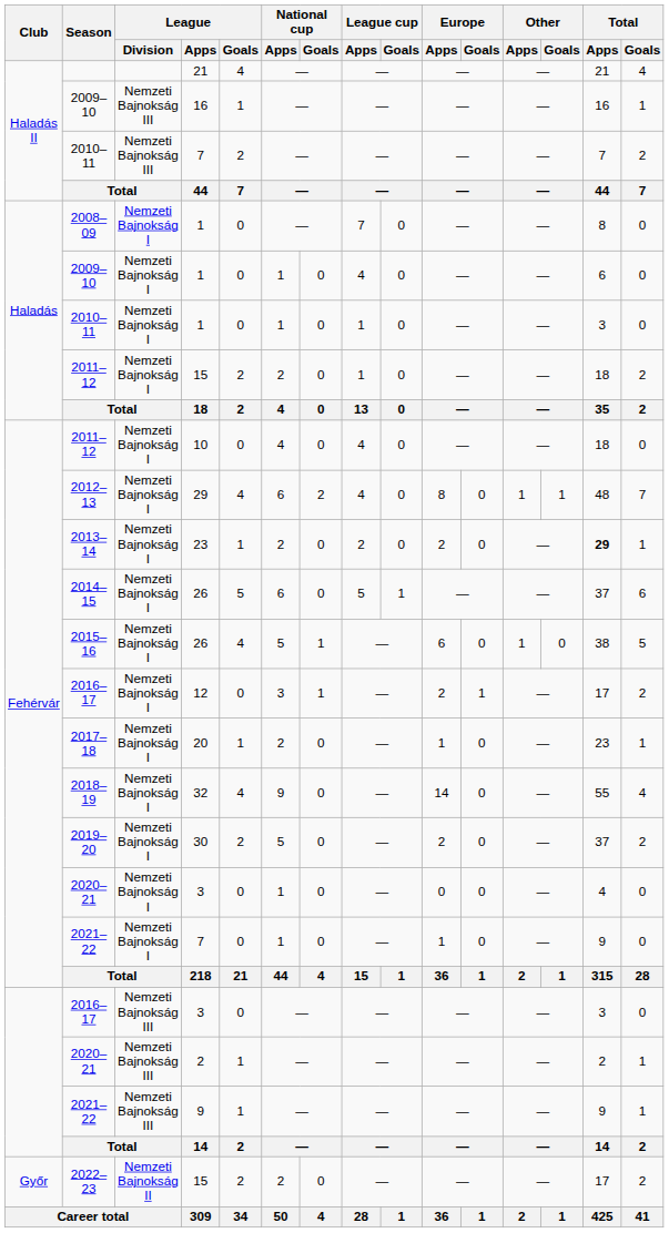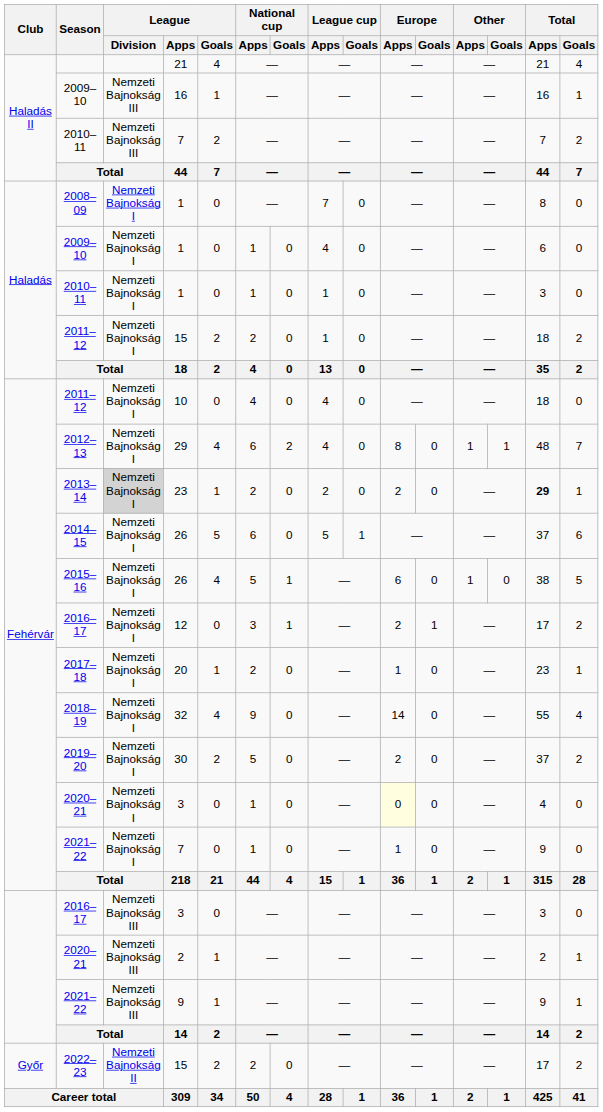 <table class="wikitable" style="text-align: center;">
 <tr>
 <th rowspan="2">Club</th>
 <th rowspan="2">Season</th>
 <th colspan="3">League</th>
 <th colspan="2">National cup</th>
 <th colspan="2">League cup</th>
 <th colspan="2">Europe</th>
 <th colspan="2">Other</th>
 <th colspan="2">Total</th>
 </tr>
 <tr>
 <th>Division</th>
 <th>Apps</th>
 <th>Goals</th>
 <th>Apps</th>
 <th>Goals</th>
 <th>Apps</th>
 <th>Goals</th>
 <th>Apps</th>
 <th>Goals</th>
 <th>Apps</th>
 <th>Goals</th>
 <th>Apps</th>
 <th>Goals</th>
 </tr>
 <tr>
 <td rowspan="4"><a href='#'>Haladás II</a></td>
 <td></td>
 <td></td>
 <td>21</td>
 <td>4</td>
 <td colspan="2">—</td>
 <td colspan="2">—</td>
 <td colspan="2">—</td>
 <td colspan="2">—</td>
 <td>21</td>
 <td>4</td>
 </tr>
 <tr>
 <td>2009–10</td>
 <td>Nemzeti Bajnokság III</td>
 <td>16</td>
 <td>1</td>
 <td colspan="2">—</td>
 <td colspan="2">—</td>
 <td colspan="2">—</td>
 <td colspan="2">—</td>
 <td>16</td>
 <td>1</td>
 </tr>
 <tr>
 <td>2010–11</td>
 <td>Nemzeti Bajnokság III</td>
 <td>7</td>
 <td>2</td>
 <td colspan="2">—</td>
 <td colspan="2">—</td>
 <td colspan="2">—</td>
 <td colspan="2">—</td>
 <td>7</td>
 <td>2</td>
 </tr>
 <tr>
 <th colspan="2">Total</th>
 <th>44</th>
 <th>7</th>
 <th colspan="2">—</th>
 <th colspan="2">—</th>
 <th colspan="2">—</th>
 <th colspan="2">—</th>
 <th>44</th>
 <th>7</th>
 </tr>
 <tr>
 <td rowspan="5"><a href='#'>Haladás</a></td>
 <td><a href='#'>2008–09</a></td>
 <td><a href='#'>Nemzeti Bajnokság I</a></td>
 <td>1</td>
 <td>0</td>
 <td colspan="2">—</td>
 <td>7</td>
 <td>0</td>
 <td colspan="2">—</td>
 <td colspan="2">—</td>
 <td>8</td>
 <td>0</td>
 </tr>
 <tr>
 <td><a href='#'>2009–10</a></td>
 <td>Nemzeti Bajnokság I</td>
 <td>1</td>
 <td>0</td>
 <td>1</td>
 <td>0</td>
 <td>4</td>
 <td>0</td>
 <td colspan="2">—</td>
 <td colspan="2">—</td>
 <td>6</td>
 <td>0</td>
 </tr>
 <tr>
 <td><a href='#'>2010–11</a></td>
 <td>Nemzeti Bajnokság I</td>
 <td>1</td>
 <td>0</td>
 <td>1</td>
 <td>0</td>
 <td>1</td>
 <td>0</td>
 <td colspan="2">—</td>
 <td colspan="2">—</td>
 <td>3</td>
 <td>0</td>
 </tr>
 <tr>
 <td><a href='#'>2011–12</a></td>
 <td>Nemzeti Bajnokság I</td>
 <td>15</td>
 <td>2</td>
 <td>2</td>
 <td>0</td>
 <td>1</td>
 <td>0</td>
 <td colspan="2">—</td>
 <td colspan="2">—</td>
 <td>18</td>
 <td>2</td>
 </tr>
 <tr>
 <th colspan="2">Total</th>
 <th>18</th>
 <th>2</th>
 <th>4</th>
 <th>0</th>
 <th>13</th>
 <th>0</th>
 <th colspan="2">—</th>
 <th colspan="2">—</th>
 <th>35</th>
 <th>2</th>
 </tr>
 <tr>
 <td rowspan="12"><a href='#'>Fehérvár</a></td>
 <td><a href='#'>2011–12</a></td>
 <td>Nemzeti Bajnokság I</td>
 <td>10</td>
 <td>0</td>
 <td>4</td>
 <td>0</td>
 <td>4</td>
 <td>0</td>
 <td colspan="2">—</td>
 <td colspan="2">—</td>
 <td>18</td>
 <td>0</td>
 </tr>
 <tr>
 <td><a href='#'>2012–13</a></td>
 <td>Nemzeti Bajnokság I</td>
 <td>29</td>
 <td>4</td>
 <td>6</td>
 <td>2</td>
 <td>4</td>
 <td>0</td>
 <td>8</td>
 <td>0</td>
 <td>1</td>
 <td>1</td>
 <td>48</td>
 <td>7</td>
 </tr>
 <tr>
 <td><a href='#'>2013–14</a></td>
-<td>Nemzeti Bajnokság I</td>
+<td style="background: lightgrey;">Nemzeti Bajnokság I</td>
 <td>23</td>
 <td>1</td>
 <td>2</td>
 <td>0</td>
 <td>2</td>
 <td>0</td>
 <td>2</td>
 <td>0</td>
 <td colspan="2">—</td>
 <td><strong>29</strong></td>
 <td>1</td>
 </tr>
 <tr>
 <td><a href='#'>2014–15</a></td>
 <td>Nemzeti Bajnokság I</td>
 <td>26</td>
 <td>5</td>
 <td>6</td>
 <td>0</td>
 <td>5</td>
 <td>1</td>
 <td colspan="2">—</td>
 <td colspan="2">—</td>
 <td>37</td>
 <td>6</td>
 </tr>
 <tr>
 <td><a href='#'>2015–16</a></td>
 <td>Nemzeti Bajnokság I</td>
 <td>26</td>
 <td>4</td>
 <td>5</td>
 <td>1</td>
 <td colspan="2">—</td>
 <td>6</td>
 <td>0</td>
 <td>1</td>
 <td>0</td>
 <td>38</td>
 <td>5</td>
 </tr>
 <tr>
 <td><a href='#'>2016–17</a></td>
 <td>Nemzeti Bajnokság I</td>
 <td>12</td>
 <td>0</td>
 <td>3</td>
 <td>1</td>
 <td colspan="2">—</td>
 <td>2</td>
 <td>1</td>
 <td colspan="2">—</td>
 <td>17</td>
 <td>2</td>
 </tr>
 <tr>
 <td><a href='#'>2017–18</a></td>
 <td>Nemzeti Bajnokság I</td>
 <td>20</td>
 <td>1</td>
 <td>2</td>
 <td>0</td>
 <td colspan="2">—</td>
 <td>1</td>
 <td>0</td>
 <td colspan="2">—</td>
 <td>23</td>
 <td>1</td>
 </tr>
 <tr>
 <td><a href='#'>2018–19</a></td>
 <td>Nemzeti Bajnokság I</td>
 <td>32</td>
 <td>4</td>
 <td>9</td>
 <td>0</td>
 <td colspan="2">—</td>
 <td>14</td>
 <td>0</td>
 <td colspan="2">—</td>
 <td>55</td>
 <td>4</td>
 </tr>
 <tr>
 <td><a href='#'>2019–20</a></td>
 <td>Nemzeti Bajnokság I</td>
 <td>30</td>
 <td>2</td>
 <td>5</td>
 <td>0</td>
 <td colspan="2">—</td>
 <td>2</td>
 <td>0</td>
 <td colspan="2">—</td>
 <td>37</td>
 <td>2</td>
 </tr>
 <tr>
 <td><a href='#'>2020–21</a></td>
 <td>Nemzeti Bajnokság I</td>
 <td>3</td>
 <td>0</td>
 <td>1</td>
 <td>0</td>
 <td colspan="2">—</td>
-<td>0</td>
+<td style="background: lightyellow;">0</td>
 <td>0</td>
 <td colspan="2">—</td>
 <td>4</td>
 <td>0</td>
 </tr>
 <tr>
 <td><a href='#'>2021–22</a></td>
 <td>Nemzeti Bajnokság I</td>
 <td>7</td>
 <td>0</td>
 <td>1</td>
 <td>0</td>
 <td colspan="2">—</td>
 <td>1</td>
 <td>0</td>
 <td colspan="2">—</td>
 <td>9</td>
 <td>0</td>
 </tr>
 <tr>
 <th colspan="2">Total</th>
 <th>218</th>
 <th>21</th>
 <th>44</th>
 <th>4</th>
 <th>15</th>
 <th>1</th>
 <th>36</th>
 <th>1</th>
 <th>2</th>
 <th>1</th>
 <th>315</th>
 <th>28</th>
 </tr>
 <tr>
 <td rowspan="4"></td>
 <td><a href='#'>2016–17</a></td>
 <td>Nemzeti Bajnokság III</td>
 <td>3</td>
 <td>0</td>
 <td colspan="2">—</td>
 <td colspan="2">—</td>
 <td colspan="2">—</td>
 <td colspan="2">—</td>
 <td>3</td>
 <td>0</td>
 </tr>
 <tr>
 <td><a href='#'>2020–21</a></td>
 <td>Nemzeti Bajnokság III</td>
 <td>2</td>
 <td>1</td>
 <td colspan="2">—</td>
 <td colspan="2">—</td>
 <td colspan="2">—</td>
 <td colspan="2">—</td>
 <td>2</td>
 <td>1</td>
 </tr>
 <tr>
 <td><a href='#'>2021–22</a></td>
 <td>Nemzeti Bajnokság III</td>
 <td>9</td>
 <td>1</td>
 <td colspan="2">—</td>
 <td colspan="2">—</td>
 <td colspan="2">—</td>
 <td colspan="2">—</td>
 <td>9</td>
 <td>1</td>
 </tr>
 <tr>
 <th colspan="2">Total</th>
 <th>14</th>
 <th>2</th>
 <th colspan="2">—</th>
 <th colspan="2">—</th>
 <th colspan="2">—</th>
 <th colspan="2">—</th>
 <th>14</th>
 <th>2</th>
 </tr>
 <tr>
 <td><a href='#'>Győr</a></td>
 <td><a href='#'>2022–23</a></td>
 <td><a href='#'>Nemzeti Bajnokság II</a></td>
 <td>15</td>
 <td>2</td>
 <td>2</td>
 <td>0</td>
 <td colspan="2">—</td>
 <td colspan="2">—</td>
 <td colspan="2">—</td>
 <td>17</td>
 <td>2</td>
 </tr>
 <tr>
 <th colspan="3">Career total</th>
 <th>309</th>
 <th>34</th>
 <th>50</th>
 <th>4</th>
 <th>28</th>
 <th>1</th>
 <th>36</th>
 <th>1</th>
 <th>2</th>
 <th>1</th>
 <th>425</th>
 <th>41</th>
 </tr>
 </table>
